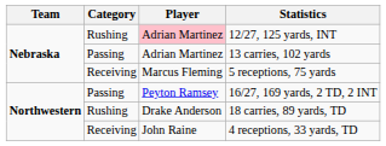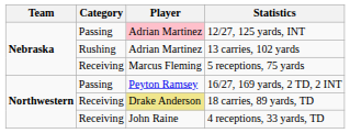 <table class="wikitable" style="float: right;">
 <tr>
 <th>Team</th>
 <th>Category</th>
 <th>Player</th>
 <th>Statistics</th>
 </tr>
 <tr>
 <td rowspan=3><strong>Nebraska</strong></td>
-<td>Rushing</td>
+<td>Passing</td>
 <td style="background: pink;">Adrian Martinez</td>
 <td>12/27, 125 yards, INT</td>
 </tr>
 <tr>
-<td>Passing</td>
+<td>Rushing</td>
 <td>Adrian Martinez</td>
 <td>13 carries, 102 yards</td>
 </tr>
 <tr>
 <td>Receiving</td>
 <td>Marcus Fleming</td>
 <td>5 receptions, 75 yards</td>
 </tr>
 <tr>
 <td rowspan=3><strong>Northwestern</strong></td>
 <td>Passing</td>
 <td><a href='#'>Peyton Ramsey</a></td>
 <td>16/27, 169 yards, 2 TD, 2 INT</td>
 </tr>
 <tr>
-<td>Rushing</td>
-<td>Drake Anderson</td>
+<td>Receiving</td>
+<td style="background: khaki;">Drake Anderson</td>
 <td>18 carries, 89 yards, TD</td>
 </tr>
 <tr>
 <td>Receiving</td>
 <td>John Raine</td>
 <td>4 receptions, 33 yards, TD</td>
 </tr>
 </table>
